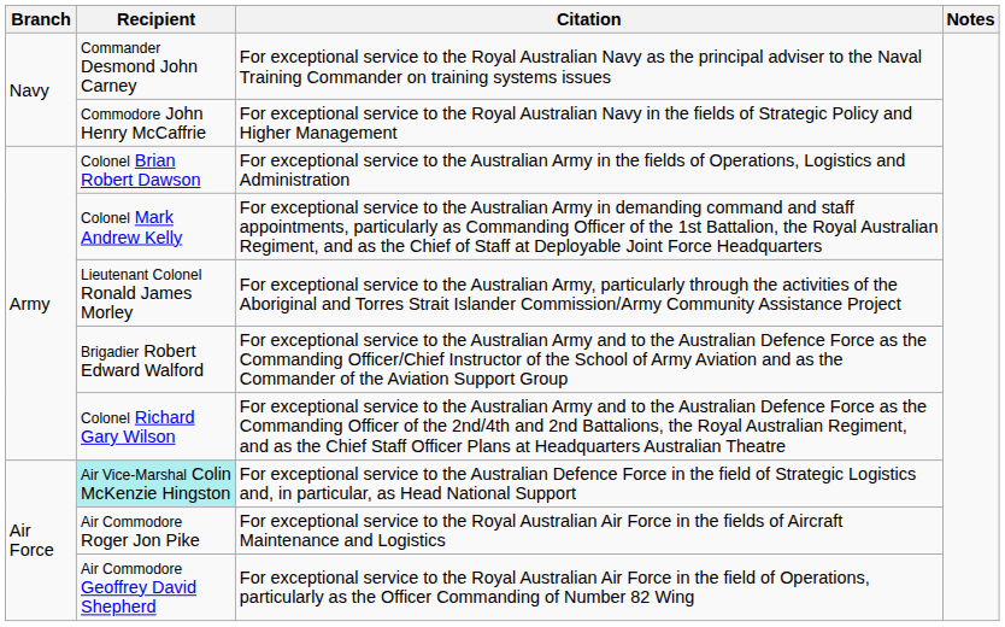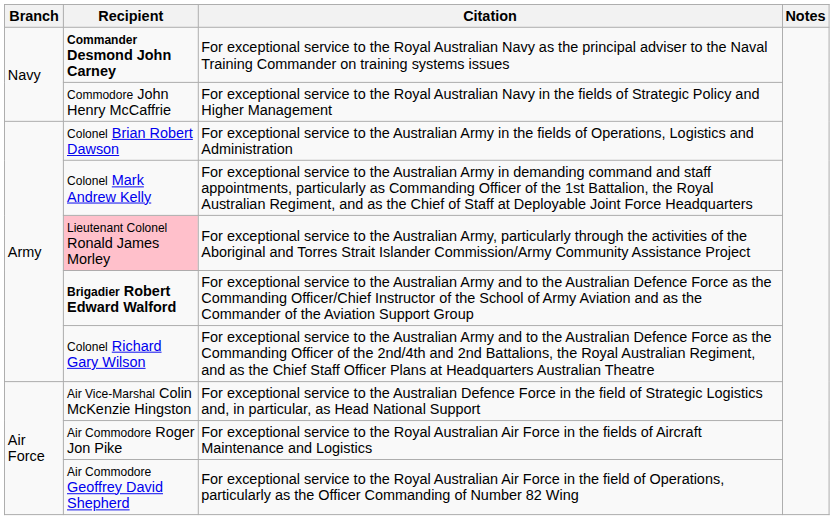 <table class="wikitable" style="font-size:95%;">
 <tr>
 <th>Branch</th>
 <th>Recipient</th>
 <th>Citation</th>
 <th>Notes</th>
 </tr>
 <tr>
 <td rowspan=2>Navy</td>
-<td><small>Commander</small> Desmond John Carney</td>
+<td><strong><small>Commander</small> Desmond John Carney</strong></td>
 <td>For exceptional service to the Royal Australian Navy as the principal adviser to the Naval Training Commander on training systems issues</td>
 <td rowspan=10></td>
 </tr>
 <tr>
 <td><small>Commodore</small> John Henry McCaffrie</td>
 <td>For exceptional service to the Royal Australian Navy in the fields of Strategic Policy and Higher Management</td>
 </tr>
 <tr>
 <td rowspan=5>Army</td>
 <td><small>Colonel</small> <a href='#'>Brian Robert Dawson</a></td>
 <td>For exceptional service to the Australian Army in the fields of Operations, Logistics and Administration</td>
 </tr>
 <tr>
 <td><small>Colonel</small> <a href='#'>Mark Andrew Kelly</a></td>
 <td>For exceptional service to the Australian Army in demanding command and staff appointments, particularly as Commanding Officer of the 1st Battalion, the Royal Australian Regiment, and as the Chief of Staff at Deployable Joint Force Headquarters</td>
 </tr>
 <tr>
-<td><small>Lieutenant Colonel</small> Ronald James Morley</td>
+<td style="background: pink;"><small>Lieutenant Colonel</small> Ronald James Morley</td>
 <td>For exceptional service to the Australian Army, particularly through the activities of the Aboriginal and Torres Strait Islander Commission/Army Community Assistance Project</td>
 </tr>
 <tr>
-<td><small>Brigadier</small> Robert Edward Walford</td>
+<td><strong><small>Brigadier</small> Robert Edward Walford</strong></td>
 <td>For exceptional service to the Australian Army and to the Australian Defence Force as the Commanding Officer/Chief Instructor of the School of Army Aviation and as the Commander of the Aviation Support Group</td>
 </tr>
 <tr>
 <td><small>Colonel</small> <a href='#'>Richard Gary Wilson</a></td>
 <td>For exceptional service to the Australian Army and to the Australian Defence Force as the Commanding Officer of the 2nd/4th and 2nd Battalions, the Royal Australian Regiment, and as the Chief Staff Officer Plans at Headquarters Australian Theatre</td>
 </tr>
 <tr>
 <td rowspan=3>Air Force</td>
-<td style="background: paleturquoise;"><small>Air Vice-Marshal</small> Colin McKenzie Hingston</td>
+<td><small>Air Vice-Marshal</small> Colin McKenzie Hingston</td>
 <td>For exceptional service to the Australian Defence Force in the field of Strategic Logistics and, in particular, as Head National Support</td>
 </tr>
 <tr>
 <td><small>Air Commodore</small> Roger Jon Pike</td>
 <td>For exceptional service to the Royal Australian Air Force in the fields of Aircraft Maintenance and Logistics</td>
 </tr>
 <tr>
 <td><small>Air Commodore</small> <a href='#'>Geoffrey David Shepherd</a></td>
 <td>For exceptional service to the Royal Australian Air Force in the field of Operations, particularly as the Officer Commanding of Number 82 Wing</td>
 </tr>
 </table>
